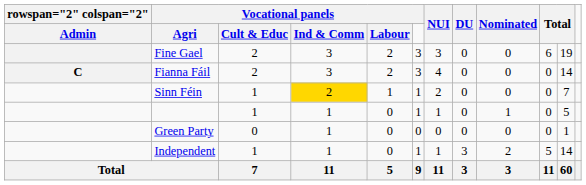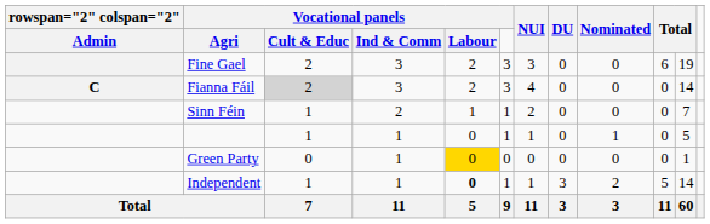 <table class="wikitable">
 <tr>
 <th>rowspan="2" colspan="2" </th>
 <th scope="col" colspan="5"><a href='#'>Vocational panels</a></th>
 <th rowspan="2"><a href='#'>NUI</a></th>
 <th rowspan="2"><a href='#'>DU</a></th>
 <th rowspan="2"><a href='#'>Nominated</a></th>
 <th rowspan="2" colspan="2">Total</th>
 </tr>
 <tr>
 <th scope="col"><a href='#'>Admin</a></th>
 <th scope="col"><a href='#'>Agri</a></th>
 <th scope="col"><a href='#'>Cult & Educ</a></th>
 <th scope="col"><a href='#'>Ind & Comm</a></th>
 <th scope="col"><a href='#'>Labour</a></th>
 </tr>
 <tr style="text-align:center">
 <th style="background-color: "></th>
 <td align="left"><a href='#'>Fine Gael</a></td>
 <td>2</td>
 <td>3</td>
 <td>2</td>
 <td>3</td>
 <td>3</td>
 <td>0</td>
 <td>0</td>
 <td>6</td>
 <td>19</td>
 <td style="background-color: "></td>
 </tr>
 <tr style="text-align:center">
 <th style="background-color: "><span><strong>C</strong></span></th>
 <td align="left"><a href='#'>Fianna Fáil</a></td>
-<td>2</td>
+<td style="background: lightgrey;">2</td>
 <td>3</td>
 <td>2</td>
 <td>3</td>
 <td>4</td>
 <td>0</td>
 <td>0</td>
 <td>0</td>
 <td>14</td>
 <td style="background-color: "></td>
 </tr>
 <tr style="text-align:center">
 <td style="background-color: "></td>
 <td align="left"><a href='#'>Sinn Féin</a></td>
 <td>1</td>
-<td style="background: gold;">2</td>
+<td>2</td>
 <td>1</td>
 <td>1</td>
 <td>2</td>
 <td>0</td>
 <td>0</td>
 <td>0</td>
 <td>7</td>
 <td style="background-color: "></td>
 </tr>
 <tr style="text-align:center">
 <td style="background-color: "></td>
 <td align="left"></td>
 <td>1</td>
 <td>1</td>
 <td>0</td>
 <td>1</td>
 <td>1</td>
 <td>0</td>
 <td>1</td>
 <td>0</td>
 <td>5</td>
 <td style="background-color: "></td>
 </tr>
 <tr style="text-align:center">
 <td style="background-color: "></td>
 <td align="left"><a href='#'>Green Party</a></td>
 <td>0</td>
 <td>1</td>
-<td>0</td>
+<td style="background: gold;">0</td>
 <td>0</td>
 <td>0</td>
 <td>0</td>
 <td>0</td>
 <td>0</td>
 <td>1</td>
 <td style="background-color: "></td>
 </tr>
 <tr style="text-align:center">
 <td style="background-color: "></td>
 <td align="left"><a href='#'>Independent</a></td>
 <td>1</td>
 <td>1</td>
-<td>0</td>
+<td><strong>0</strong></td>
 <td>1</td>
 <td>1</td>
 <td>3</td>
 <td>2</td>
 <td>5</td>
 <td>14</td>
 <td style="background-color: "></td>
 </tr>
 <tr style="text-align:center">
 <th colspan="2">Total</th>
 <th>7</th>
 <th>11</th>
 <th>5</th>
 <th>9</th>
 <th>11</th>
 <th>3</th>
 <th>3</th>
 <th>11</th>
 <th>60</th>
 <th></th>
 </tr>
 </table>
